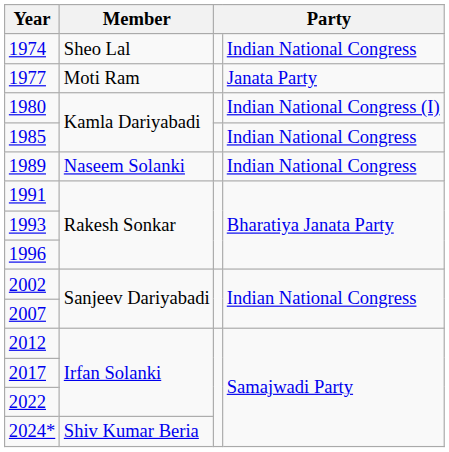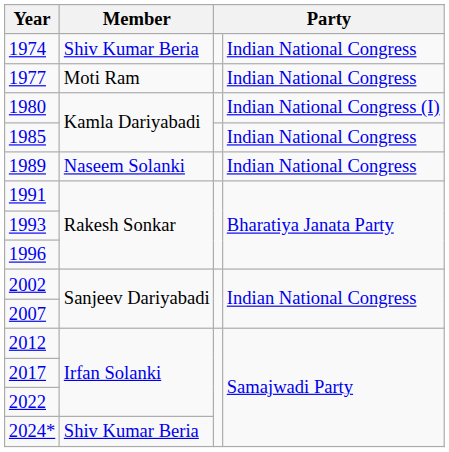 <table class="wikitable">
 <tr>
 <th>Year</th>
 <th>Member</th>
 <th colspan="2">Party</th>
 </tr>
 <tr>
 <td><a href='#'>1974</a></td>
-<td>Sheo Lal</td>
+<td><a href='#'>Shiv Kumar Beria</a></td>
 <td style="background-color: "></td>
 <td><a href='#'>Indian National Congress</a></td>
 </tr>
 <tr>
 <td><a href='#'>1977</a></td>
 <td>Moti Ram</td>
 <td style="background-color: "></td>
-<td><a href='#'>Janata Party</a></td>
+<td><a href='#'>Indian National Congress</a></td>
 </tr>
 <tr>
 <td><a href='#'>1980</a></td>
 <td rowspan="2">Kamla Dariyabadi</td>
 <td style="background-color: "></td>
 <td><a href='#'>Indian National Congress (I)</a></td>
 </tr>
 <tr>
 <td><a href='#'>1985</a></td>
 <td style="background-color: "></td>
 <td><a href='#'>Indian National Congress</a></td>
 </tr>
 <tr>
 <td><a href='#'>1989</a></td>
 <td><a href='#'>Naseem Solanki</a></td>
 <td style="background-color: "></td>
 <td><a href='#'>Indian National Congress</a></td>
 </tr>
 <tr>
 <td><a href='#'>1991</a></td>
 <td rowspan="3">Rakesh Sonkar</td>
 <td rowspan="3" style="background-color: "></td>
 <td rowspan="3"><a href='#'>Bharatiya Janata Party</a></td>
 </tr>
 <tr>
 <td><a href='#'>1993</a></td>
 </tr>
 <tr>
 <td><a href='#'>1996</a></td>
 </tr>
 <tr>
 <td><a href='#'>2002</a></td>
 <td rowspan="2">Sanjeev Dariyabadi</td>
 <td rowspan="2" style="background-color: "></td>
 <td rowspan="2"><a href='#'>Indian National Congress</a></td>
 </tr>
 <tr>
 <td><a href='#'>2007</a></td>
 </tr>
 <tr>
 <td><a href='#'>2012</a></td>
 <td rowspan="3"><a href='#'>Irfan Solanki</a></td>
 <td rowspan="4" style="background-color: "></td>
 <td rowspan="4"><a href='#'>Samajwadi Party</a></td>
 </tr>
 <tr>
 <td><a href='#'>2017</a></td>
 </tr>
 <tr>
 <td><a href='#'>2022</a></td>
 </tr>
 <tr>
 <td><a href='#'>2024*</a></td>
 <td><a href='#'>Shiv Kumar Beria</a></td>
 </tr>
 </table>
